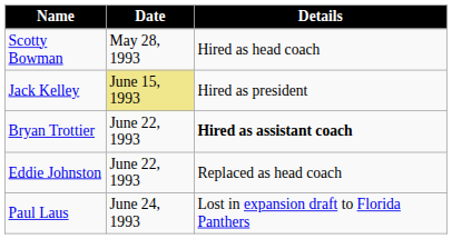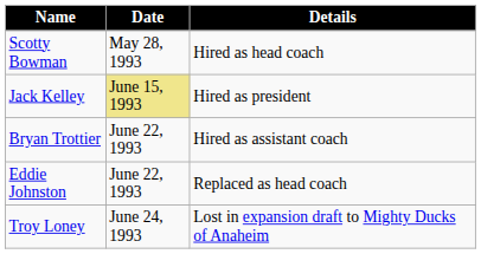 <table class="wikitable" style="width:75%;">
 <tr style="text-align:center; background:#ddd;">
 <th style="color:white; background:#000000; ">Name</th>
 <th style="color:white; background:#000000; ">Date</th>
 <th style="color:white; background:#000000; ">Details</th>
 </tr>
 <tr>
 <td><a href='#'>Scotty Bowman</a></td>
 <td>May 28, 1993</td>
 <td>Hired as head coach</td>
 </tr>
 <tr>
 <td><a href='#'>Jack Kelley</a></td>
 <td style="background: khaki;">June 15, 1993</td>
 <td>Hired as president</td>
 </tr>
 <tr>
 <td><a href='#'>Bryan Trottier</a></td>
 <td>June 22, 1993</td>
-<td><strong>Hired as assistant coach</strong></td>
+<td>Hired as assistant coach</td>
 </tr>
 <tr>
 <td><a href='#'>Eddie Johnston</a></td>
 <td>June 22, 1993</td>
 <td>Replaced as head coach</td>
 </tr>
 <tr>
-<td><a href='#'>Paul Laus</a></td>
+<td><a href='#'>Troy Loney</a></td>
 <td>June 24, 1993</td>
-<td>Lost in <a href='#'>expansion draft</a> to <a href='#'>Florida Panthers</a></td>
+<td>Lost in <a href='#'>expansion draft</a> to <a href='#'>Mighty Ducks of Anaheim</a></td>
 </tr>
 </table>
